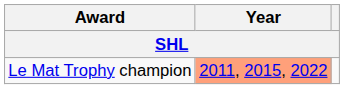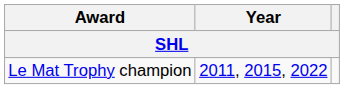 <table class="wikitable">
 <tr>
 <th>Award</th>
 <th>Year</th>
 <th></th>
 </tr>
 <tr>
 <th colspan="3"><a href='#'>SHL</a></th>
 </tr>
 <tr>
 <td><a href='#'>Le Mat Trophy</a> champion</td>
-<td style="background: lightsalmon;"><a href='#'>2011</a>, <a href='#'>2015</a>, <a href='#'>2022</a></td>
+<td><a href='#'>2011</a>, <a href='#'>2015</a>, <a href='#'>2022</a></td>
 <td></td>
 </tr>
 </table>
